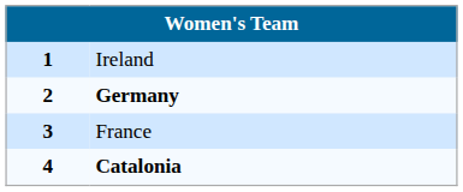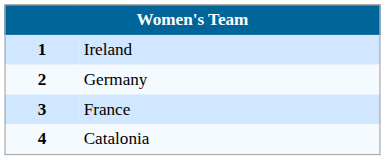 <table align=center cellpadding="4" cellspacing="0" style="background: #f9f9f9; border: 1px #aaa solid; border-collapse: collapse; font-size: 90%;" width=20%>
 <tr align=center bgcolor=#006699 style="color:white;">
 <th width=100% colspan=2>Women's Team</th>
 </tr>
 <tr align=center bgcolor=#D0E7FF>
 <td><strong>1</strong></td>
 <td align=left> Ireland</td>
 </tr>
 <tr align=center bgcolor=#F5FAFF>
 <td><strong>2</strong></td>
-<td align=left><strong> Germany</strong></td>
+<td align=left> Germany</td>
 </tr>
 <tr align=center bgcolor=#D0E7FF>
 <td><strong>3</strong></td>
 <td align=left> France</td>
 </tr>
 <tr align=center bgcolor=#F5FAFF>
 <td><strong>4</strong></td>
-<td align=left><strong> Catalonia</strong></td>
+<td align=left> Catalonia</td>
 </tr>
 </table>
